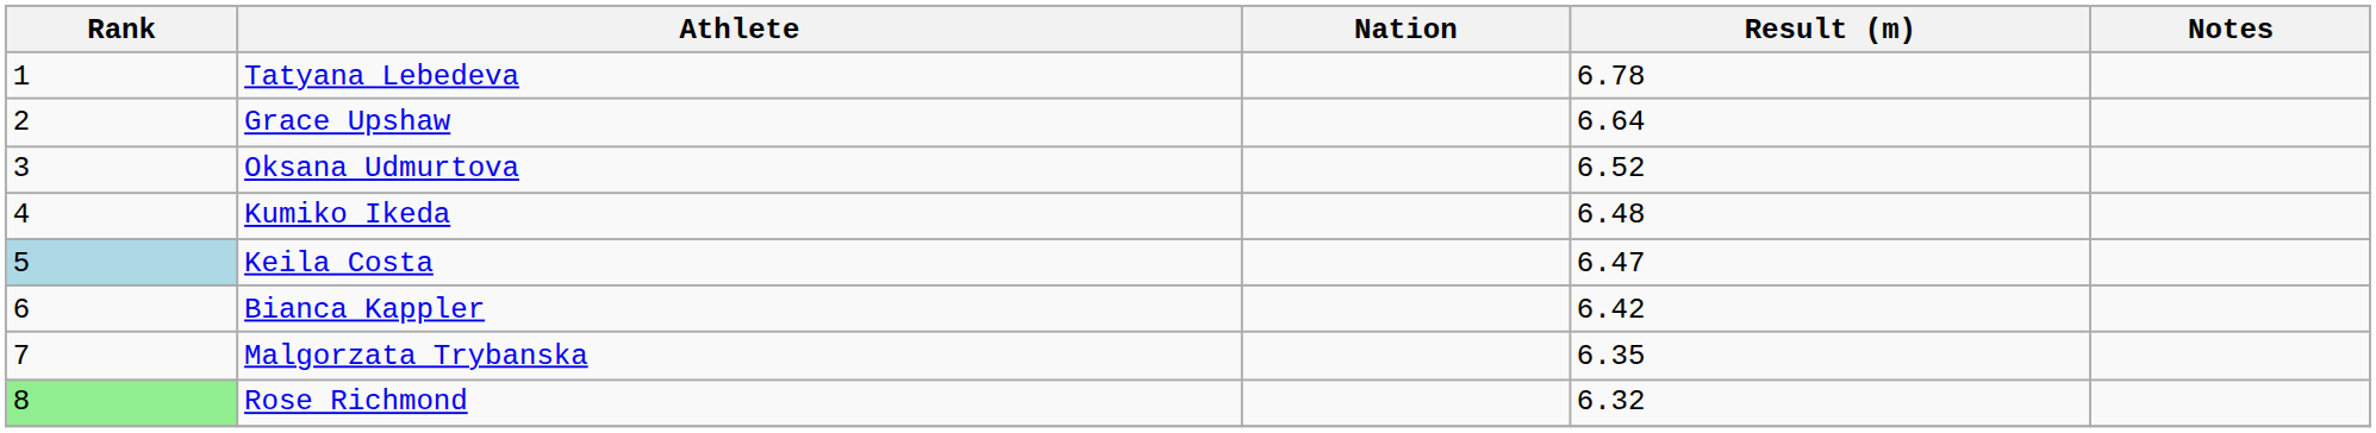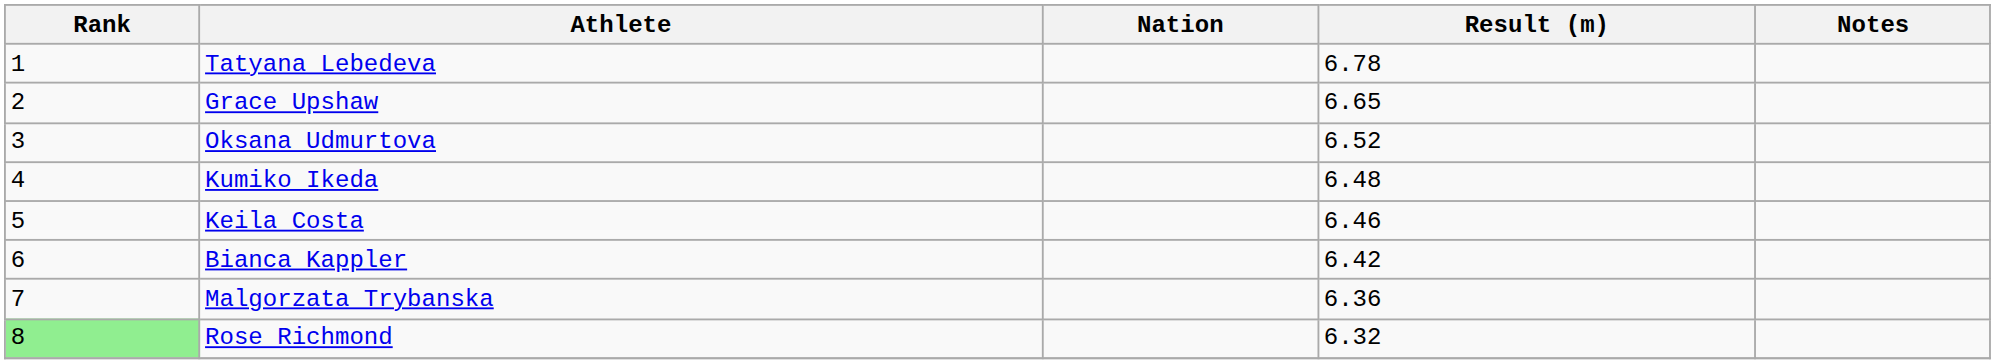 <table class="wikitable" style="text=align:center;" width=85%>
 <tr>
 <th>Rank</th>
 <th>Athlete</th>
 <th>Nation</th>
 <th>Result (m)</th>
 <th>Notes</th>
 </tr>
 <tr>
 <td>1</td>
 <td><a href='#'>Tatyana Lebedeva</a></td>
 <td></td>
 <td>6.78</td>
 <td></td>
 </tr>
 <tr>
 <td>2</td>
 <td><a href='#'>Grace Upshaw</a></td>
 <td></td>
-<td>6.64</td>
+<td>6.65</td>
 <td></td>
 </tr>
 <tr>
 <td>3</td>
 <td><a href='#'>Oksana Udmurtova</a></td>
 <td></td>
 <td>6.52</td>
 <td></td>
 </tr>
 <tr>
 <td>4</td>
 <td><a href='#'>Kumiko Ikeda</a></td>
 <td></td>
 <td>6.48</td>
 <td></td>
 </tr>
 <tr>
-<td style="background: lightblue;">5</td>
+<td>5</td>
 <td><a href='#'>Keila Costa</a></td>
 <td></td>
-<td>6.47</td>
+<td>6.46</td>
 <td></td>
 </tr>
 <tr>
 <td>6</td>
 <td><a href='#'>Bianca Kappler</a></td>
 <td></td>
 <td>6.42</td>
 <td></td>
 </tr>
 <tr>
 <td>7</td>
 <td><a href='#'>Malgorzata Trybanska</a></td>
 <td></td>
-<td>6.35</td>
+<td>6.36</td>
 <td></td>
 </tr>
 <tr>
 <td style="background: lightgreen;">8</td>
 <td><a href='#'>Rose Richmond</a></td>
 <td></td>
 <td>6.32</td>
 <td></td>
 </tr>
 <tr>
 </tr>
 </table>
